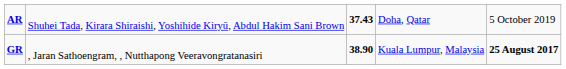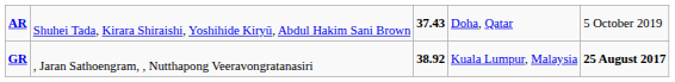 <table class="wikitable" style="font-size:95%; position:relative;">
 <tr>
 <td align=center><strong><a href='#'>AR</a></strong></td>
 <td><br><a href='#'>Shuhei Tada</a>, <a href='#'>Kirara Shiraishi</a>, <a href='#'>Yoshihide Kiryū</a>, <a href='#'>Abdul Hakim Sani Brown</a></td>
 <td><strong>37.43</strong></td>
 <td><a href='#'>Doha</a>, <a href='#'>Qatar</a></td>
 <td>5 October 2019</td>
 </tr>
 <tr>
 <td align=center><strong><a href='#'>GR</a></strong></td>
 <td><br>	, Jaran Sathoengram, , Nutthapong Veeravongratanasiri</td>
-<td><strong>38.90</strong></td>
+<td><strong>38.92</strong></td>
 <td><a href='#'>Kuala Lumpur</a>, <a href='#'>Malaysia</a></td>
 <td><strong>25 August 2017</strong></td>
 </tr>
 </table>
